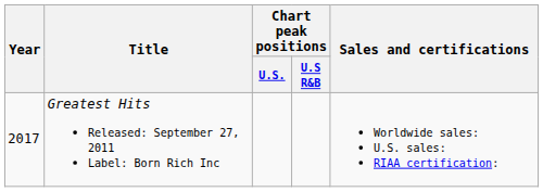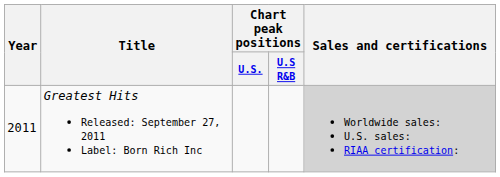 <table class="wikitable">
 <tr>
 <th rowspan="2" width="33">Year</th>
 <th rowspan="2" width="200">Title</th>
 <th colspan="2">Chart peak positions</th>
 <th width="200" rowspan="2">Sales and certifications</th>
 </tr>
 <tr>
 <th width="30"><small><a href='#'>U.S.</a></small></th>
 <th width="30"><small><a href='#'>U.S R&B</a></small></th>
 </tr>
 <tr>
-<td>2017</td>
+<td>2011</td>
 <td><em>Greatest Hits</em><br><ul><li><small>Released: September 27, 2011</small></li><li><small>Label: Born Rich Inc</small></li></ul></td>
 <td align="center"></td>
 <td align="center"></td>
-<td align="left"><br><ul><li><small>Worldwide sales:</small></li><li><small>U.S. sales:</small></li><li><small><a href='#'>RIAA certification</a>:</small></li></ul></td>
+<td align="left" style="background: lightgrey;"><br><ul><li><small>Worldwide sales:</small></li><li><small>U.S. sales:</small></li><li><small><a href='#'>RIAA certification</a>:</small></li></ul></td>
 </tr>
 </table>
